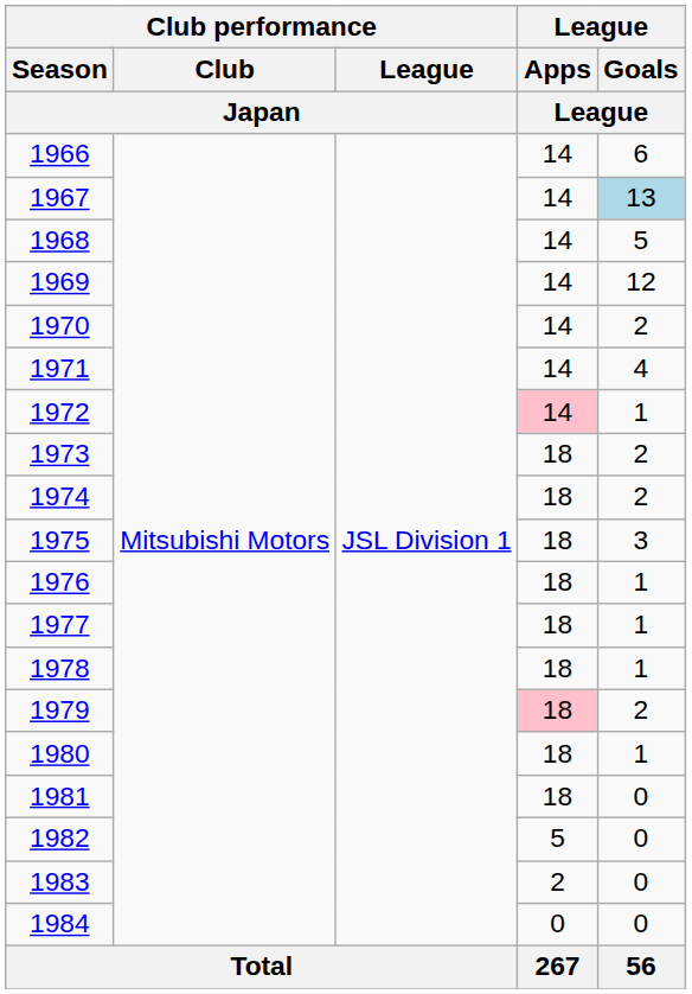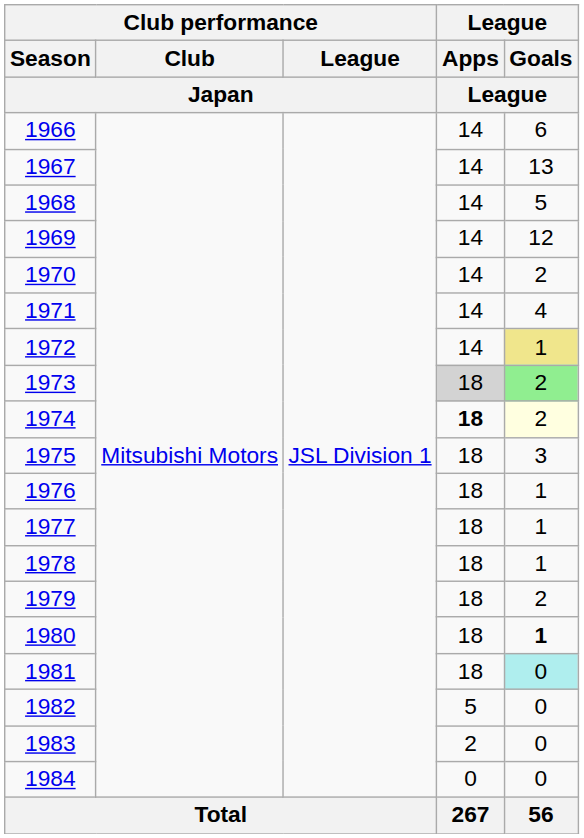 <table class="wikitable" style="text-align:center;">
 <tr>
 <th colspan=3>Club performance</th>
 <th colspan=2>League</th>
 </tr>
 <tr>
 <th>Season</th>
 <th>Club</th>
 <th>League</th>
 <th>Apps</th>
 <th>Goals</th>
 </tr>
 <tr>
 <th colspan=3>Japan</th>
 <th colspan=2>League</th>
 </tr>
 <tr>
 <td><a href='#'>1966</a></td>
 <td rowspan=19><a href='#'>Mitsubishi Motors</a></td>
 <td rowspan=19><a href='#'>JSL Division 1</a></td>
 <td>14</td>
 <td>6</td>
 </tr>
 <tr>
 <td><a href='#'>1967</a></td>
 <td>14</td>
-<td style="background: lightblue;">13</td>
+<td>13</td>
 </tr>
 <tr>
 <td><a href='#'>1968</a></td>
 <td>14</td>
 <td>5</td>
 </tr>
 <tr>
 <td><a href='#'>1969</a></td>
 <td>14</td>
 <td>12</td>
 </tr>
 <tr>
 <td><a href='#'>1970</a></td>
 <td>14</td>
 <td>2</td>
 </tr>
 <tr>
 <td><a href='#'>1971</a></td>
 <td>14</td>
 <td>4</td>
 </tr>
 <tr>
 <td><a href='#'>1972</a></td>
-<td style="background: pink;">14</td>
-<td>1</td>
+<td>14</td>
+<td style="background: khaki;">1</td>
 </tr>
 <tr>
 <td><a href='#'>1973</a></td>
-<td>18</td>
-<td>2</td>
+<td style="background: lightgrey;">18</td>
+<td style="background: lightgreen;">2</td>
 </tr>
 <tr>
 <td><a href='#'>1974</a></td>
-<td>18</td>
-<td>2</td>
+<td><strong>18</strong></td>
+<td style="background: lightyellow;">2</td>
 </tr>
 <tr>
 <td><a href='#'>1975</a></td>
 <td>18</td>
 <td>3</td>
 </tr>
 <tr>
 <td><a href='#'>1976</a></td>
 <td>18</td>
 <td>1</td>
 </tr>
 <tr>
 <td><a href='#'>1977</a></td>
 <td>18</td>
 <td>1</td>
 </tr>
 <tr>
 <td><a href='#'>1978</a></td>
 <td>18</td>
 <td>1</td>
 </tr>
 <tr>
 <td><a href='#'>1979</a></td>
-<td style="background: pink;">18</td>
+<td>18</td>
 <td>2</td>
 </tr>
 <tr>
 <td><a href='#'>1980</a></td>
 <td>18</td>
-<td>1</td>
+<td><strong>1</strong></td>
 </tr>
 <tr>
 <td><a href='#'>1981</a></td>
 <td>18</td>
-<td>0</td>
+<td style="background: paleturquoise;">0</td>
 </tr>
 <tr>
 <td><a href='#'>1982</a></td>
 <td>5</td>
 <td>0</td>
 </tr>
 <tr>
 <td><a href='#'>1983</a></td>
 <td>2</td>
 <td>0</td>
 </tr>
 <tr>
 <td><a href='#'>1984</a></td>
 <td>0</td>
 <td>0</td>
 </tr>
 <tr>
 <th colspan=3>Total</th>
 <th>267</th>
 <th>56</th>
 </tr>
 </table>
